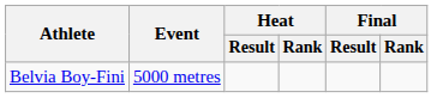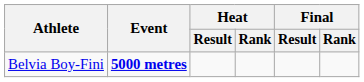 <table class="wikitable" style="font-size:90%">
 <tr>
 <th rowspan="2">Athlete</th>
 <th rowspan="2">Event</th>
 <th colspan="2">Heat</th>
 <th colspan="2">Final</th>
 </tr>
 <tr style="font-size:95%">
 <th>Result</th>
 <th>Rank</th>
 <th>Result</th>
 <th>Rank</th>
 </tr>
 <tr align=center>
 <td align=left><a href='#'>Belvia Boy-Fini</a></td>
-<td align=left><a href='#'>5000 metres</a></td>
+<td align=left><strong><a href='#'>5000 metres</a></strong></td>
 <td></td>
 <td></td>
 <td></td>
 <td></td>
 </tr>
 </table>
